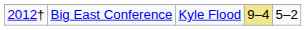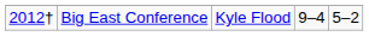 <table class="wikitable">
 <tr>
 </tr>
 <tr>
 <td><a href='#'>2012</a>†</td>
 <td><a href='#'>Big East Conference</a></td>
 <td><a href='#'>Kyle Flood</a></td>
-<td style="background: khaki;">9–4</td>
+<td>9–4</td>
 <td>5–2</td>
 </tr>
 </table>
